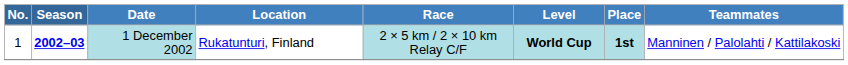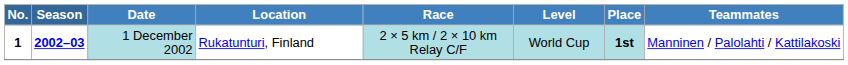 <table class="wikitable sortable" style="font-size:95%; text-align:center; border:grey solid 1px; border-collapse:collapse; background:#ffffff;">
 <tr style="background:#efefef;">
 <th style="background-color:#369; color:white;">No.</th>
 <th style="background-color:#369; color:white;">Season</th>
 <th style="background-color:#4180be; color:white; width:120px;">Date</th>
 <th style="background-color:#4180be; color:white; width:190px;">Location</th>
 <th style="background-color:#4180be; color:white; width:170px;">Race</th>
 <th style="background-color:#4180be; color:white; width:100px;">Level</th>
 <th style="background-color:#4180be; color:white;">Place</th>
 <th style="background-color:#4180be; color:white;">Teammates</th>
 </tr>
 <tr>
-<td align=center>1</td>
+<td align=center><strong>1</strong></td>
 <td rowspan=1 align=center><strong><a href='#'>2002–03</a></strong></td>
 <td bgcolor="#BOEOE6" align=right>1 December 2002</td>
 <td align=left> <a href='#'>Rukatunturi</a>, Finland</td>
 <td bgcolor="#BOEOE6">2 × 5 km / 2 × 10 km Relay C/F</td>
-<td bgcolor="#BOEOE6"><strong>World Cup</strong></td>
+<td bgcolor="#BOEOE6">World Cup</td>
 <td bgcolor="#BOEOE6"><strong>1st</strong></td>
 <td><a href='#'>Manninen</a> / <a href='#'>Palolahti</a> / <a href='#'>Kattilakoski</a></td>
 </tr>
 <tr>
 </tr>
 </table>
